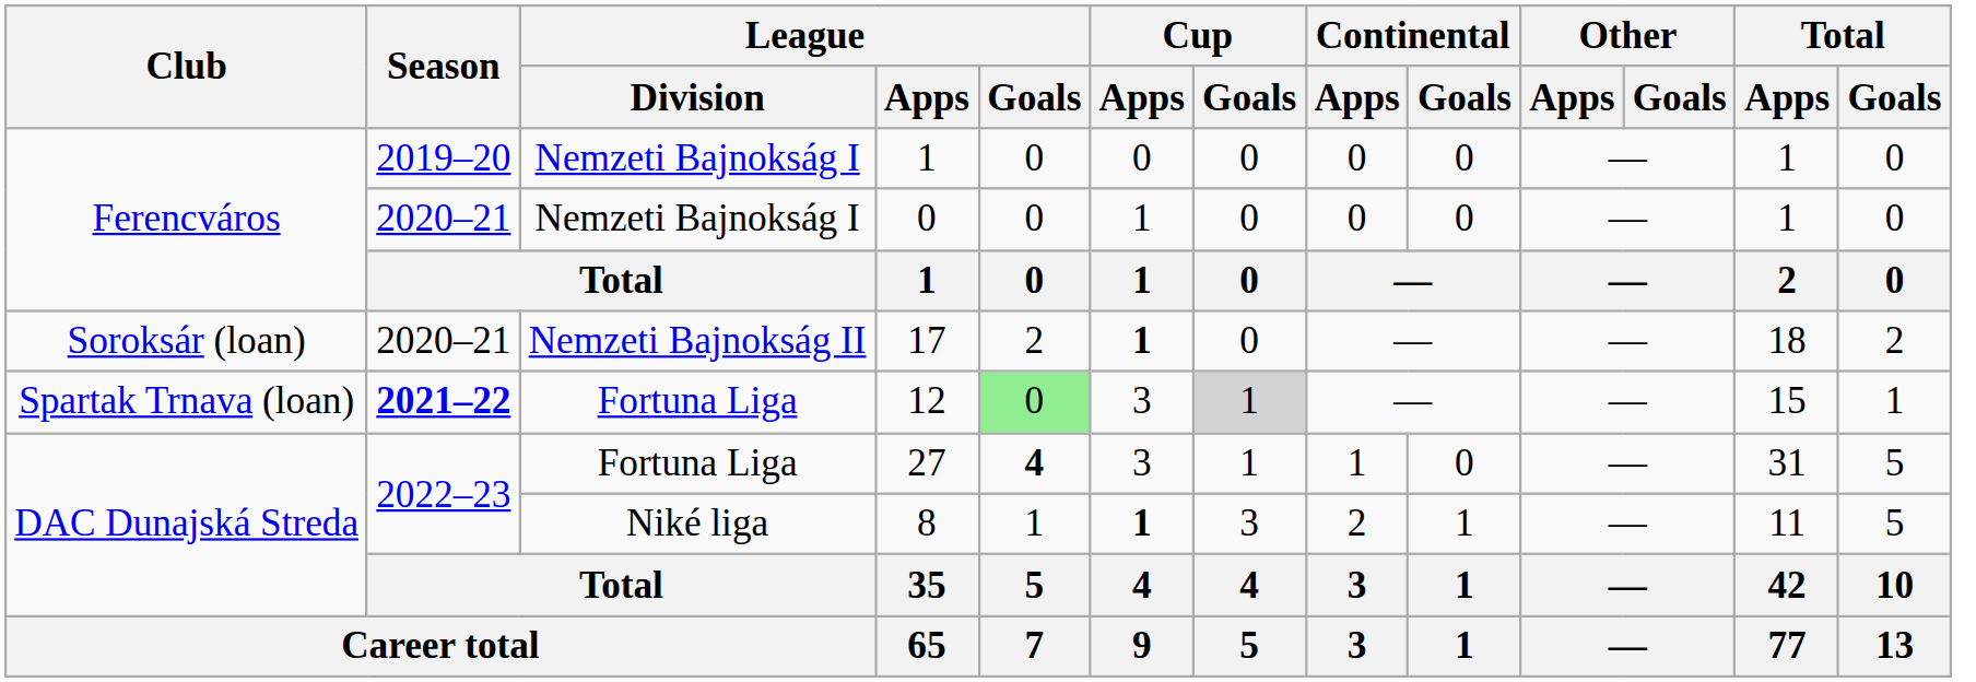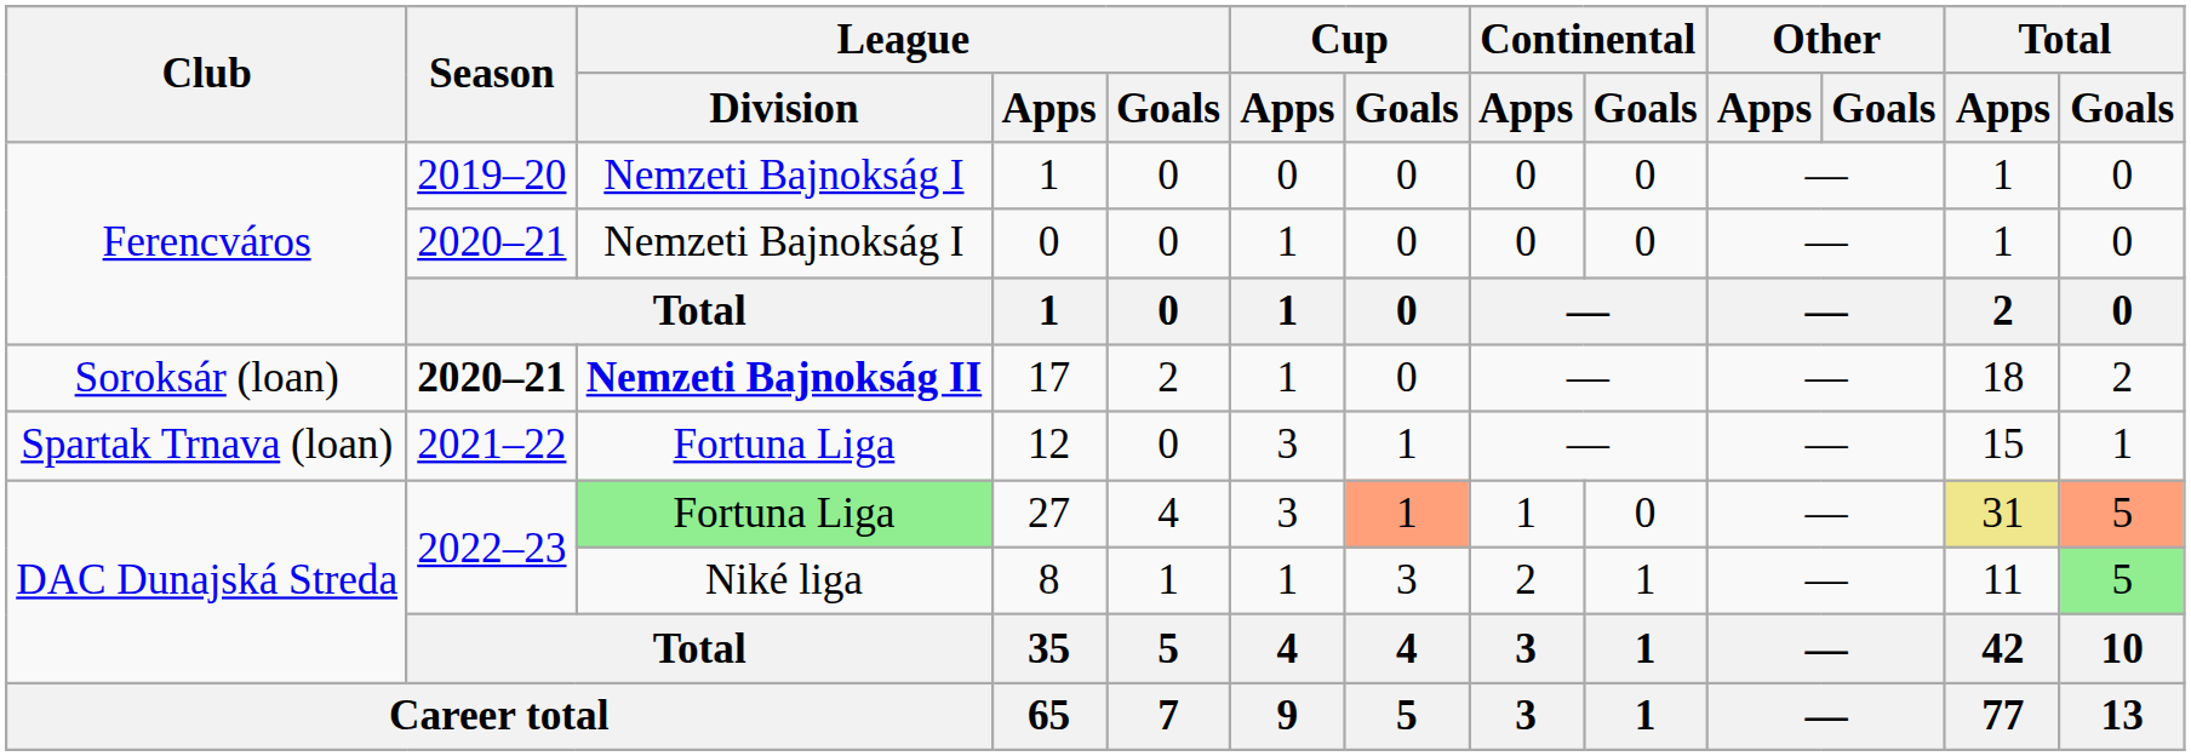 <table class="wikitable" style="text-align:center">
 <tr>
 <th rowspan="2">Club</th>
 <th rowspan="2">Season</th>
 <th colspan="3">League</th>
 <th colspan="2">Cup</th>
 <th colspan="2">Continental</th>
 <th colspan="2">Other</th>
 <th colspan="2">Total</th>
 </tr>
 <tr>
 <th>Division</th>
 <th>Apps</th>
 <th>Goals</th>
 <th>Apps</th>
 <th>Goals</th>
 <th>Apps</th>
 <th>Goals</th>
 <th>Apps</th>
 <th>Goals</th>
 <th>Apps</th>
 <th>Goals</th>
 </tr>
 <tr>
 <td rowspan="3"><a href='#'>Ferencváros</a></td>
 <td><a href='#'>2019–20</a></td>
 <td><a href='#'>Nemzeti Bajnokság I</a></td>
 <td>1</td>
 <td>0</td>
 <td>0</td>
 <td>0</td>
 <td>0</td>
 <td>0</td>
 <td colspan="2">—</td>
 <td>1</td>
 <td>0</td>
 </tr>
 <tr>
 <td><a href='#'>2020–21</a></td>
 <td>Nemzeti Bajnokság I</td>
 <td>0</td>
 <td>0</td>
 <td>1</td>
 <td>0</td>
 <td>0</td>
 <td>0</td>
 <td colspan="2">—</td>
 <td>1</td>
 <td>0</td>
 </tr>
 <tr>
 <th colspan="2">Total</th>
 <th>1</th>
 <th>0</th>
 <th>1</th>
 <th>0</th>
 <th colspan="2">—</th>
 <th colspan="2">—</th>
 <th>2</th>
 <th>0</th>
 </tr>
 <tr>
 <td><a href='#'>Soroksár</a> (loan)</td>
-<td>2020–21</td>
-<td><a href='#'>Nemzeti Bajnokság II</a></td>
+<td><strong>2020–21</strong></td>
+<td><strong><a href='#'>Nemzeti Bajnokság II</a></strong></td>
 <td>17</td>
 <td>2</td>
-<td><strong>1</strong></td>
+<td>1</td>
 <td>0</td>
 <td colspan="2">—</td>
 <td colspan="2">—</td>
 <td>18</td>
 <td>2</td>
 </tr>
 <tr>
 <td><a href='#'>Spartak Trnava</a> (loan)</td>
-<td><strong><a href='#'>2021–22</a></strong></td>
+<td><a href='#'>2021–22</a></td>
 <td><a href='#'>Fortuna Liga</a></td>
 <td>12</td>
-<td style="background: lightgreen;">0</td>
+<td>0</td>
 <td>3</td>
-<td style="background: lightgrey;">1</td>
+<td>1</td>
 <td colspan="2">—</td>
 <td colspan="2">—</td>
 <td>15</td>
 <td>1</td>
 </tr>
 <tr>
 <td rowspan="3"><a href='#'>DAC Dunajská Streda</a></td>
 <td rowspan="2"><a href='#'>2022–23</a></td>
-<td>Fortuna Liga</td>
+<td style="background: lightgreen;">Fortuna Liga</td>
 <td>27</td>
-<td><strong>4</strong></td>
+<td>4</td>
 <td>3</td>
-<td>1</td>
+<td style="background: lightsalmon;">1</td>
 <td>1</td>
 <td>0</td>
 <td colspan="2">—</td>
-<td>31</td>
-<td>5</td>
+<td style="background: khaki;">31</td>
+<td style="background: lightsalmon;">5</td>
 </tr>
 <tr>
 <td>Niké liga</td>
 <td>8</td>
 <td>1</td>
-<td><strong>1</strong></td>
+<td>1</td>
 <td>3</td>
 <td>2</td>
 <td>1</td>
 <td colspan="2">—</td>
 <td>11</td>
-<td>5</td>
+<td style="background: lightgreen;">5</td>
 </tr>
 <tr>
 <th colspan="2">Total</th>
 <th>35</th>
 <th>5</th>
 <th>4</th>
 <th>4</th>
 <th>3</th>
 <th>1</th>
 <th colspan="2">—</th>
 <th>42</th>
 <th>10</th>
 </tr>
 <tr>
 <th colspan="3">Career total</th>
 <th>65</th>
 <th>7</th>
 <th>9</th>
 <th>5</th>
 <th>3</th>
 <th>1</th>
 <th colspan="2">—</th>
 <th>77</th>
 <th>13</th>
 </tr>
 </table>
